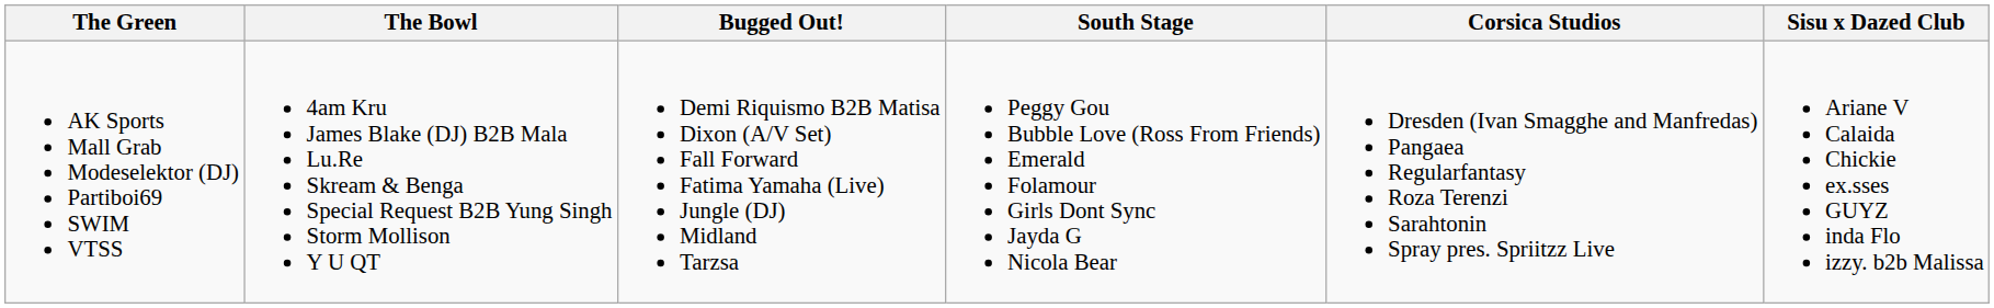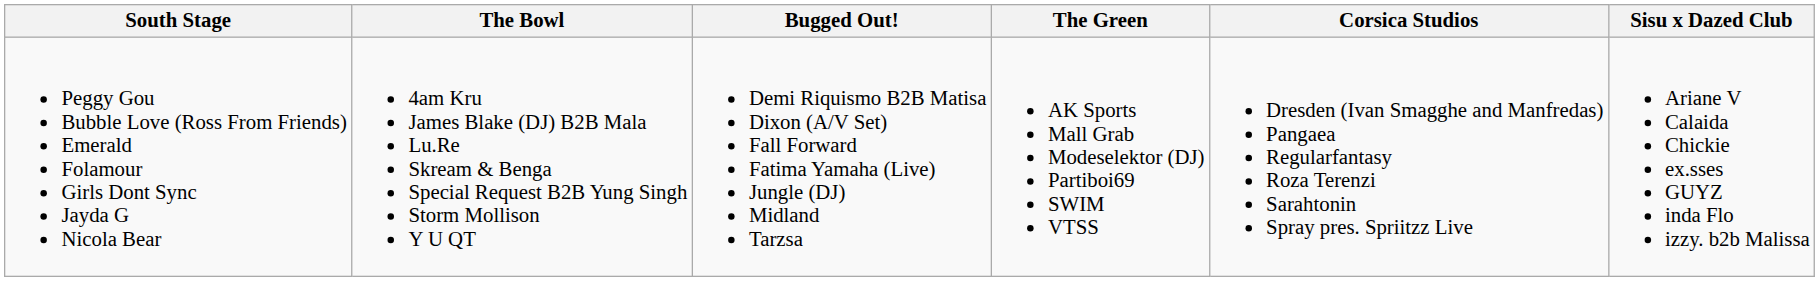 <table class="wikitable">
 <tr>
-<th>The Green</th>
+<th>South Stage</th>
 <th>The Bowl</th>
 <th>Bugged Out!</th>
-<th>South Stage</th>
+<th>The Green</th>
 <th>Corsica Studios</th>
 <th>Sisu x Dazed Club</th>
 </tr>
 <tr>
-<td><br><ul><li>AK Sports</li><li>Mall Grab</li><li>Modeselektor (DJ)</li><li>Partiboi69</li><li>SWIM</li><li>VTSS</li></ul></td>
+<td><br><ul><li>Peggy Gou</li><li>Bubble Love (Ross From Friends)</li><li>Emerald</li><li>Folamour</li><li>Girls Dont Sync</li><li>Jayda G</li><li>Nicola Bear</li></ul></td>
 <td><br><ul><li>4am Kru</li><li>James Blake (DJ) B2B Mala</li><li>Lu.Re</li><li>Skream & Benga</li><li>Special Request B2B Yung Singh</li><li>Storm Mollison</li><li>Y U QT</li></ul></td>
 <td><br><ul><li>Demi Riquismo B2B Matisa</li><li>Dixon (A/V Set)</li><li>Fall Forward</li><li>Fatima Yamaha (Live)</li><li>Jungle (DJ)</li><li>Midland</li><li>Tarzsa</li></ul></td>
-<td><br><ul><li>Peggy Gou</li><li>Bubble Love (Ross From Friends)</li><li>Emerald</li><li>Folamour</li><li>Girls Dont Sync</li><li>Jayda G</li><li>Nicola Bear</li></ul></td>
+<td><br><ul><li>AK Sports</li><li>Mall Grab</li><li>Modeselektor (DJ)</li><li>Partiboi69</li><li>SWIM</li><li>VTSS</li></ul></td>
 <td><br><ul><li>Dresden (Ivan Smagghe and Manfredas)</li><li>Pangaea</li><li>Regularfantasy</li><li>Roza Terenzi</li><li>Sarahtonin</li><li>Spray pres. Spriitzz Live</li></ul></td>
 <td><br><ul><li>Ariane V</li><li>Calaida</li><li>Chickie</li><li>ex.sses</li><li>GUYZ</li><li>inda Flo</li><li>izzy. b2b Malissa</li></ul></td>
 </tr>
 </table>
